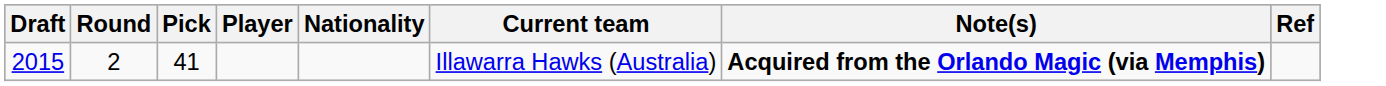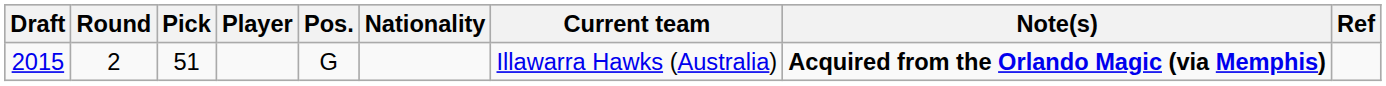 <table class="wikitable sortable" style="text-align:left; font-size:90%;">
 <tr>
 <th>Draft</th>
 <th>Round</th>
 <th>Pick</th>
 <th>Player</th>
+<th>Pos.</th>
 <th>Nationality</th>
 <th>Current team</th>
 <th>Note(s)</th>
 <th class="unsortable">Ref</th>
 </tr>
 <tr>
 <td style="text-align:center;"><a href='#'>2015</a></td>
 <td style="text-align:center;">2</td>
-<td style="text-align:center;">41</td>
+<td style="text-align:center;">51</td>
 <td></td>
+<td style="text-align:center;">G</td>
 <td></td>
 <td><a href='#'>Illawarra Hawks</a> (<a href='#'>Australia</a>)</td>
 <td><strong>Acquired from the <a href='#'>Orlando Magic</a> (via <a href='#'>Memphis</a>)</strong></td>
 <td style="text-align:center;"></td>
 </tr>
 </table>
